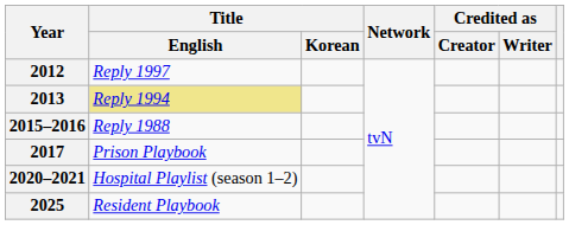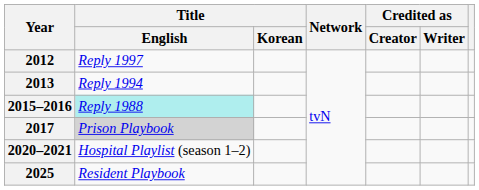 <table class="wikitable sortable plainrowheaders">
 <tr>
 <th rowspan="2">Year</th>
 <th colspan="2">Title</th>
 <th rowspan="2">Network</th>
 <th colspan="2">Credited as</th>
 <th rowspan="2"></th>
 </tr>
 <tr>
 <th>English</th>
 <th>Korean</th>
 <th>Creator</th>
 <th>Writer</th>
 </tr>
 <tr>
 <th scope="row">2012</th>
 <td><em><a href='#'>Reply 1997</a></em></td>
 <td></td>
 <td rowspan="6"><a href='#'>tvN</a></td>
 <td></td>
 <td></td>
 <td></td>
 </tr>
 <tr>
 <th scope="row">2013</th>
-<td style="background: khaki;"><em><a href='#'>Reply 1994</a></em></td>
+<td><em><a href='#'>Reply 1994</a></em></td>
 <td></td>
 <td></td>
 <td></td>
 <td></td>
 </tr>
 <tr>
 <th scope="row">2015–2016</th>
-<td><em><a href='#'>Reply 1988</a></em></td>
+<td style="background: paleturquoise;"><em><a href='#'>Reply 1988</a></em></td>
 <td></td>
 <td></td>
 <td></td>
 <td></td>
 </tr>
 <tr>
 <th scope="row">2017</th>
-<td><em><a href='#'>Prison Playbook</a></em></td>
+<td style="background: lightgrey;"><em><a href='#'>Prison Playbook</a></em></td>
 <td></td>
 <td></td>
 <td></td>
 <td></td>
 </tr>
 <tr>
 <th scope="row">2020–2021</th>
 <td><em><a href='#'>Hospital Playlist</a></em> (season 1–2)</td>
 <td></td>
 <td></td>
 <td></td>
 <td></td>
 </tr>
 <tr>
 <th scope="row">2025</th>
 <td><em><a href='#'>Resident Playbook</a></em></td>
 <td></td>
 <td></td>
 <td></td>
 <td></td>
 </tr>
 </table>
